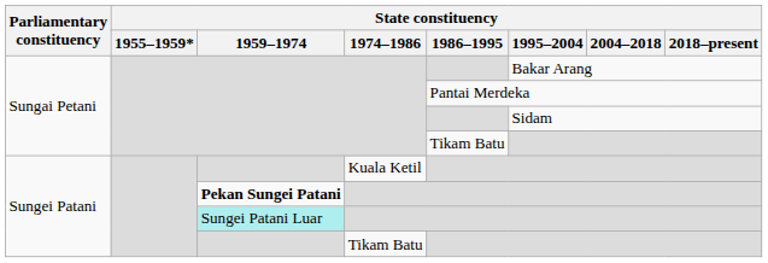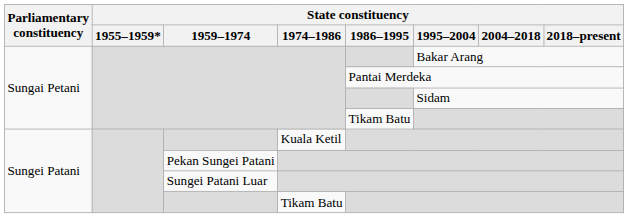 <table class="wikitable">
 <tr>
 <th rowspan="2">Parliamentary<br>constituency</th>
 <th colspan="7">State constituency</th>
 </tr>
 <tr>
 <th>1955–1959*</th>
 <th>1959–1974</th>
 <th>1974–1986</th>
 <th>1986–1995</th>
 <th>1995–2004</th>
 <th>2004–2018</th>
 <th>2018–present</th>
 </tr>
 <tr>
 <td rowspan="4">Sungai Petani</td>
 <td colspan="3" rowspan="4" bgcolor="dcdcdc"></td>
 <td bgcolor="dcdcdc"></td>
 <td colspan="3">Bakar Arang</td>
 </tr>
 <tr>
 <td colspan="4">Pantai Merdeka</td>
 </tr>
 <tr>
 <td bgcolor="dcdcdc"></td>
 <td colspan="3">Sidam</td>
 </tr>
 <tr>
 <td>Tikam Batu</td>
 <td colspan="3" bgcolor="dcdcdc"></td>
 </tr>
 <tr>
 <td rowspan="4">Sungei Patani</td>
 <td rowspan="4" bgcolor="dcdcdc"></td>
 <td bgcolor="dcdcdc"></td>
 <td>Kuala Ketil</td>
 <td colspan="4" bgcolor="dcdcdc"></td>
 </tr>
 <tr>
-<td><strong>Pekan Sungei Patani</strong></td>
+<td>Pekan Sungei Patani</td>
 <td colspan="5" bgcolor="dcdcdc"></td>
 </tr>
 <tr>
-<td style="background: paleturquoise;">Sungei Patani Luar</td>
+<td>Sungei Patani Luar</td>
 <td colspan="5" bgcolor="dcdcdc"></td>
 </tr>
 <tr>
 <td bgcolor="dcdcdc"></td>
 <td>Tikam Batu</td>
 <td colspan="4" bgcolor="dcdcdc"></td>
 </tr>
 </table>
